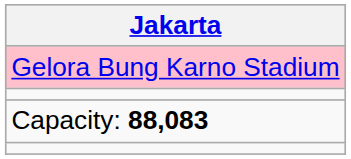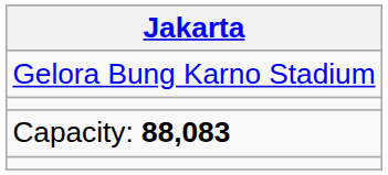 <table class="wikitable" style="margin: 1em auto;">
 <tr>
 <th colspan=2><a href='#'>Jakarta</a></th>
 </tr>
 <tr>
-<td style="background: pink;"><a href='#'>Gelora Bung Karno Stadium</a></td>
+<td><a href='#'>Gelora Bung Karno Stadium</a></td>
 </tr>
 <tr>
 <td></td>
 </tr>
 <tr>
 <td>Capacity: <strong>88,083</strong></td>
 </tr>
 <tr>
 <td></td>
 </tr>
 </table>
